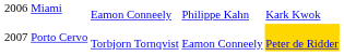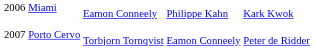 <table>
 <tr>
 <td>2006 <a href='#'>Miami</a></td>
 <td><br><a href='#'>Eamon Conneely</a></td>
 <td><br><a href='#'>Philippe Kahn</a></td>
 <td><br><a href='#'>Kark Kwok</a></td>
 </tr>
 <tr>
 <td>2007 <a href='#'>Porto Cervo</a></td>
 <td><br><a href='#'>Torbjorn Tornqvist</a></td>
 <td><br><a href='#'>Eamon Conneely</a></td>
-<td style="background: gold;"><br><a href='#'>Peter de Ridder</a></td>
+<td><br><a href='#'>Peter de Ridder</a></td>
 </tr>
 <tr>
 </tr>
 </table>
